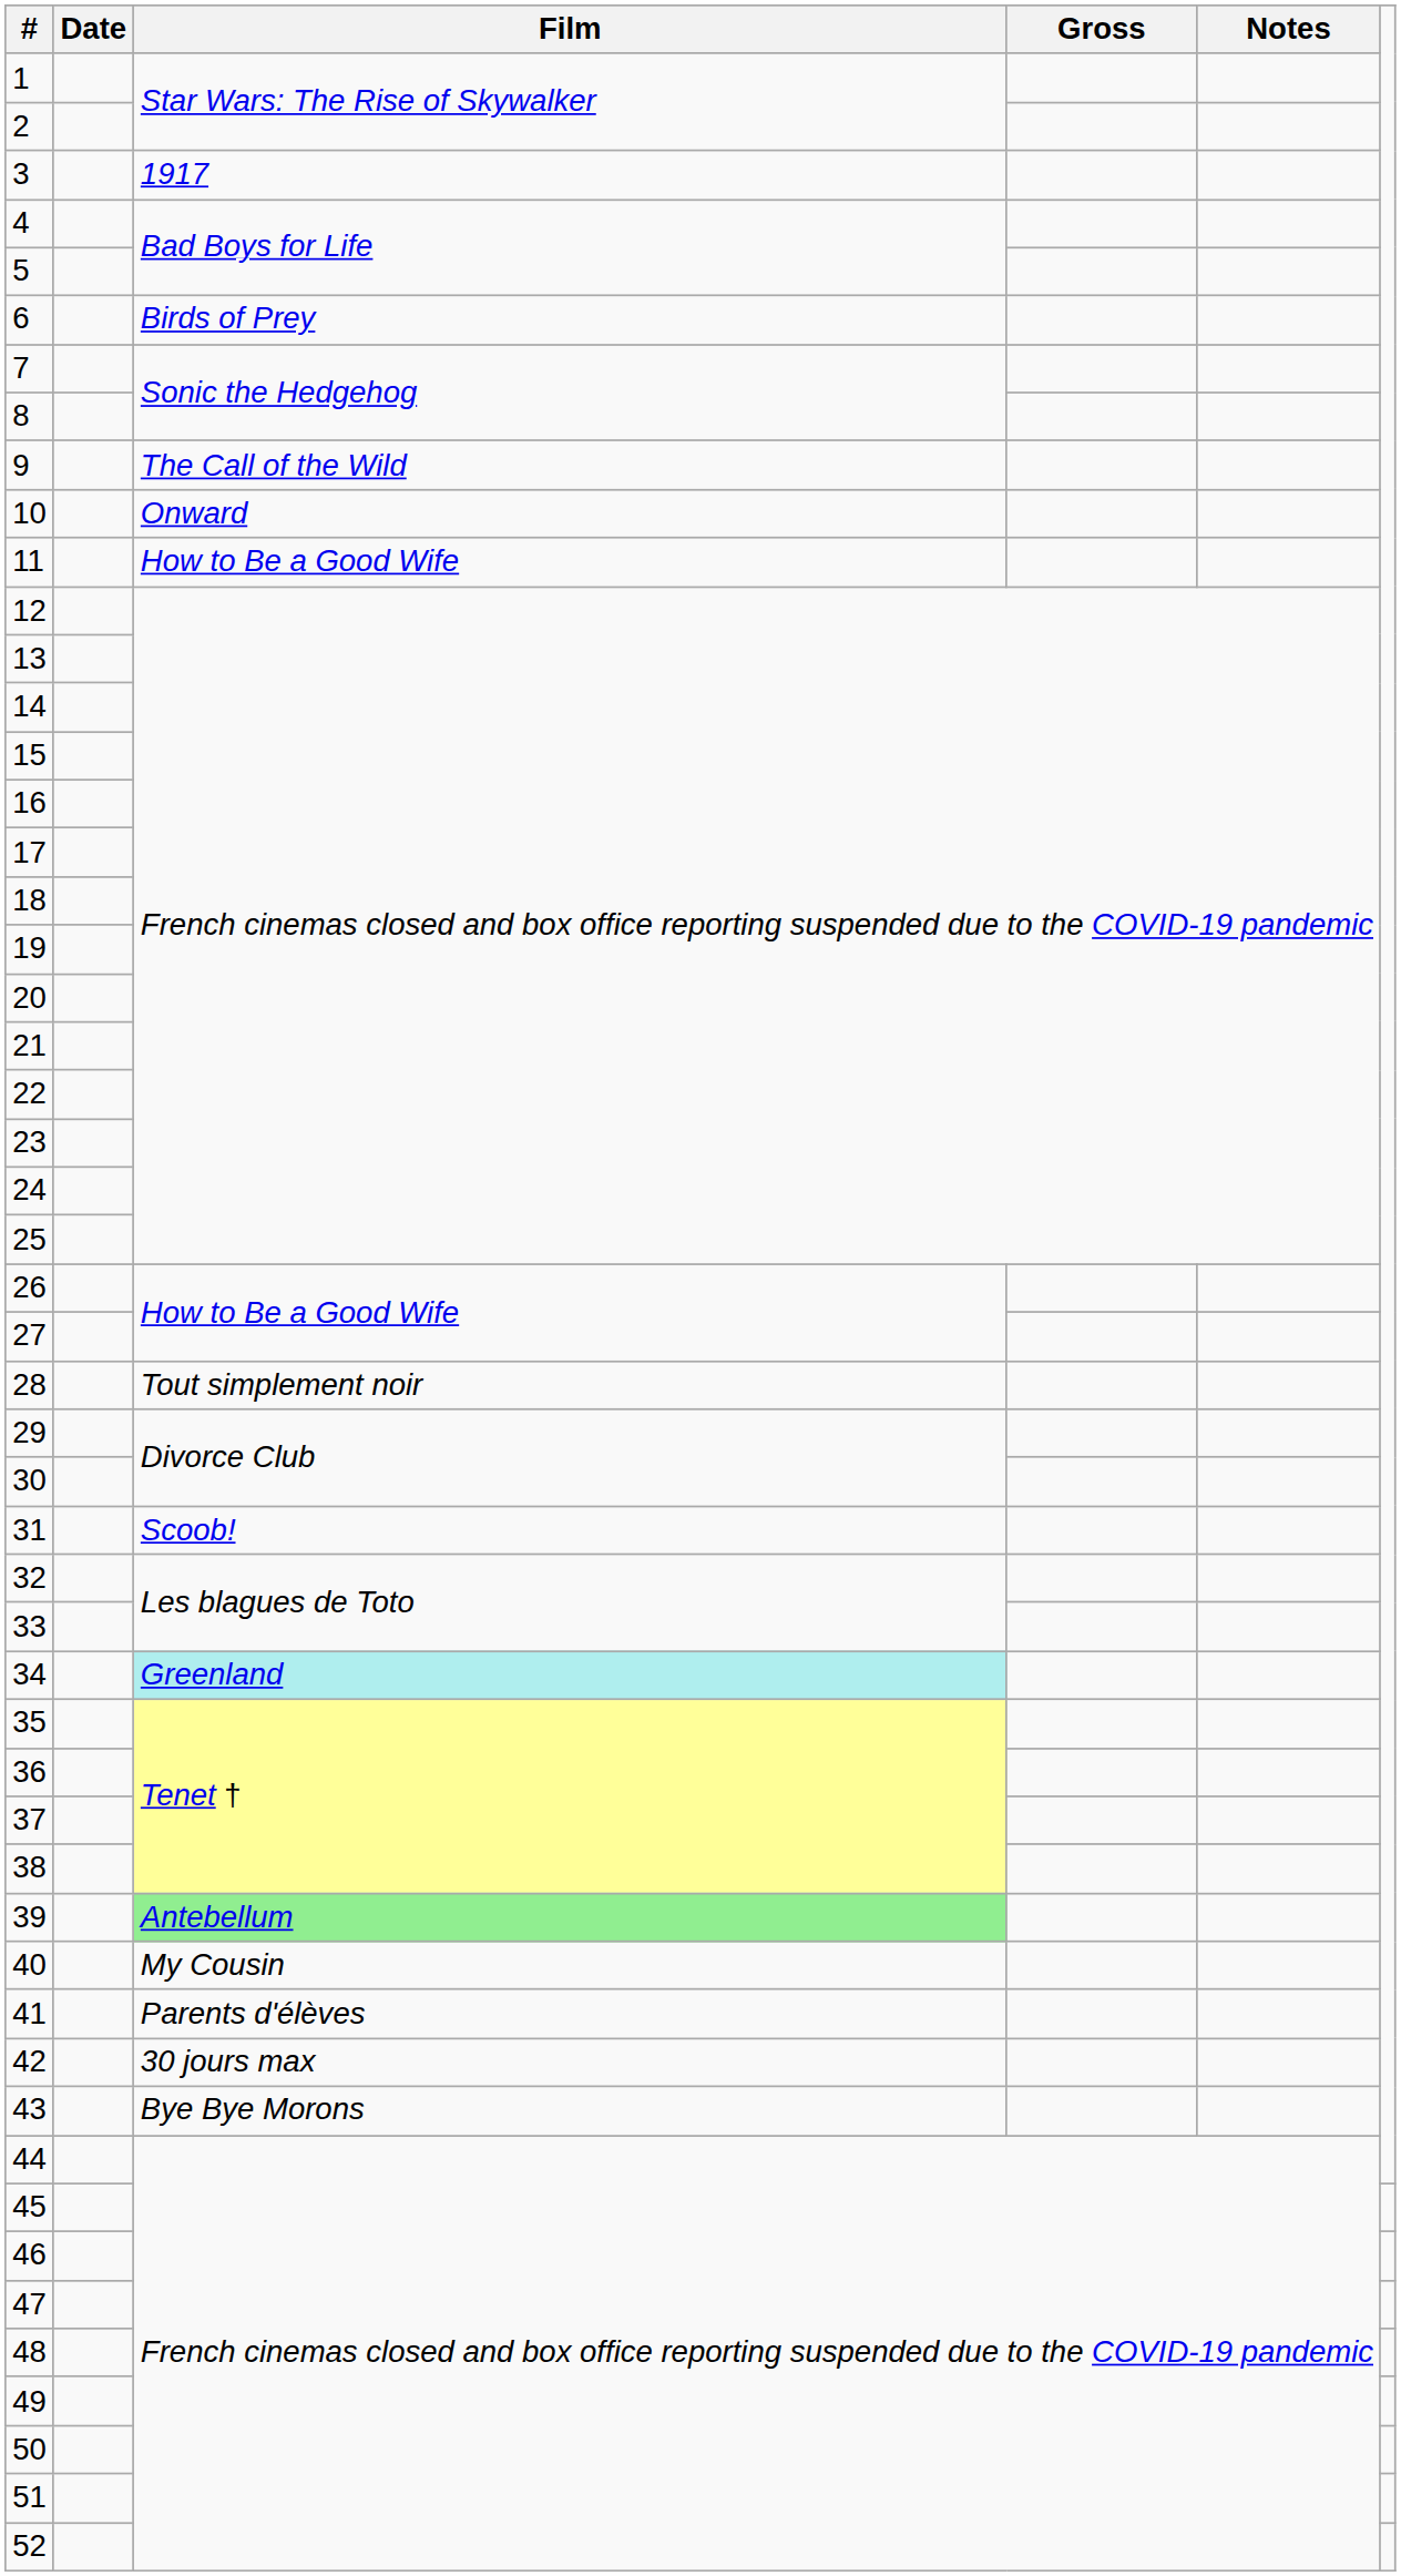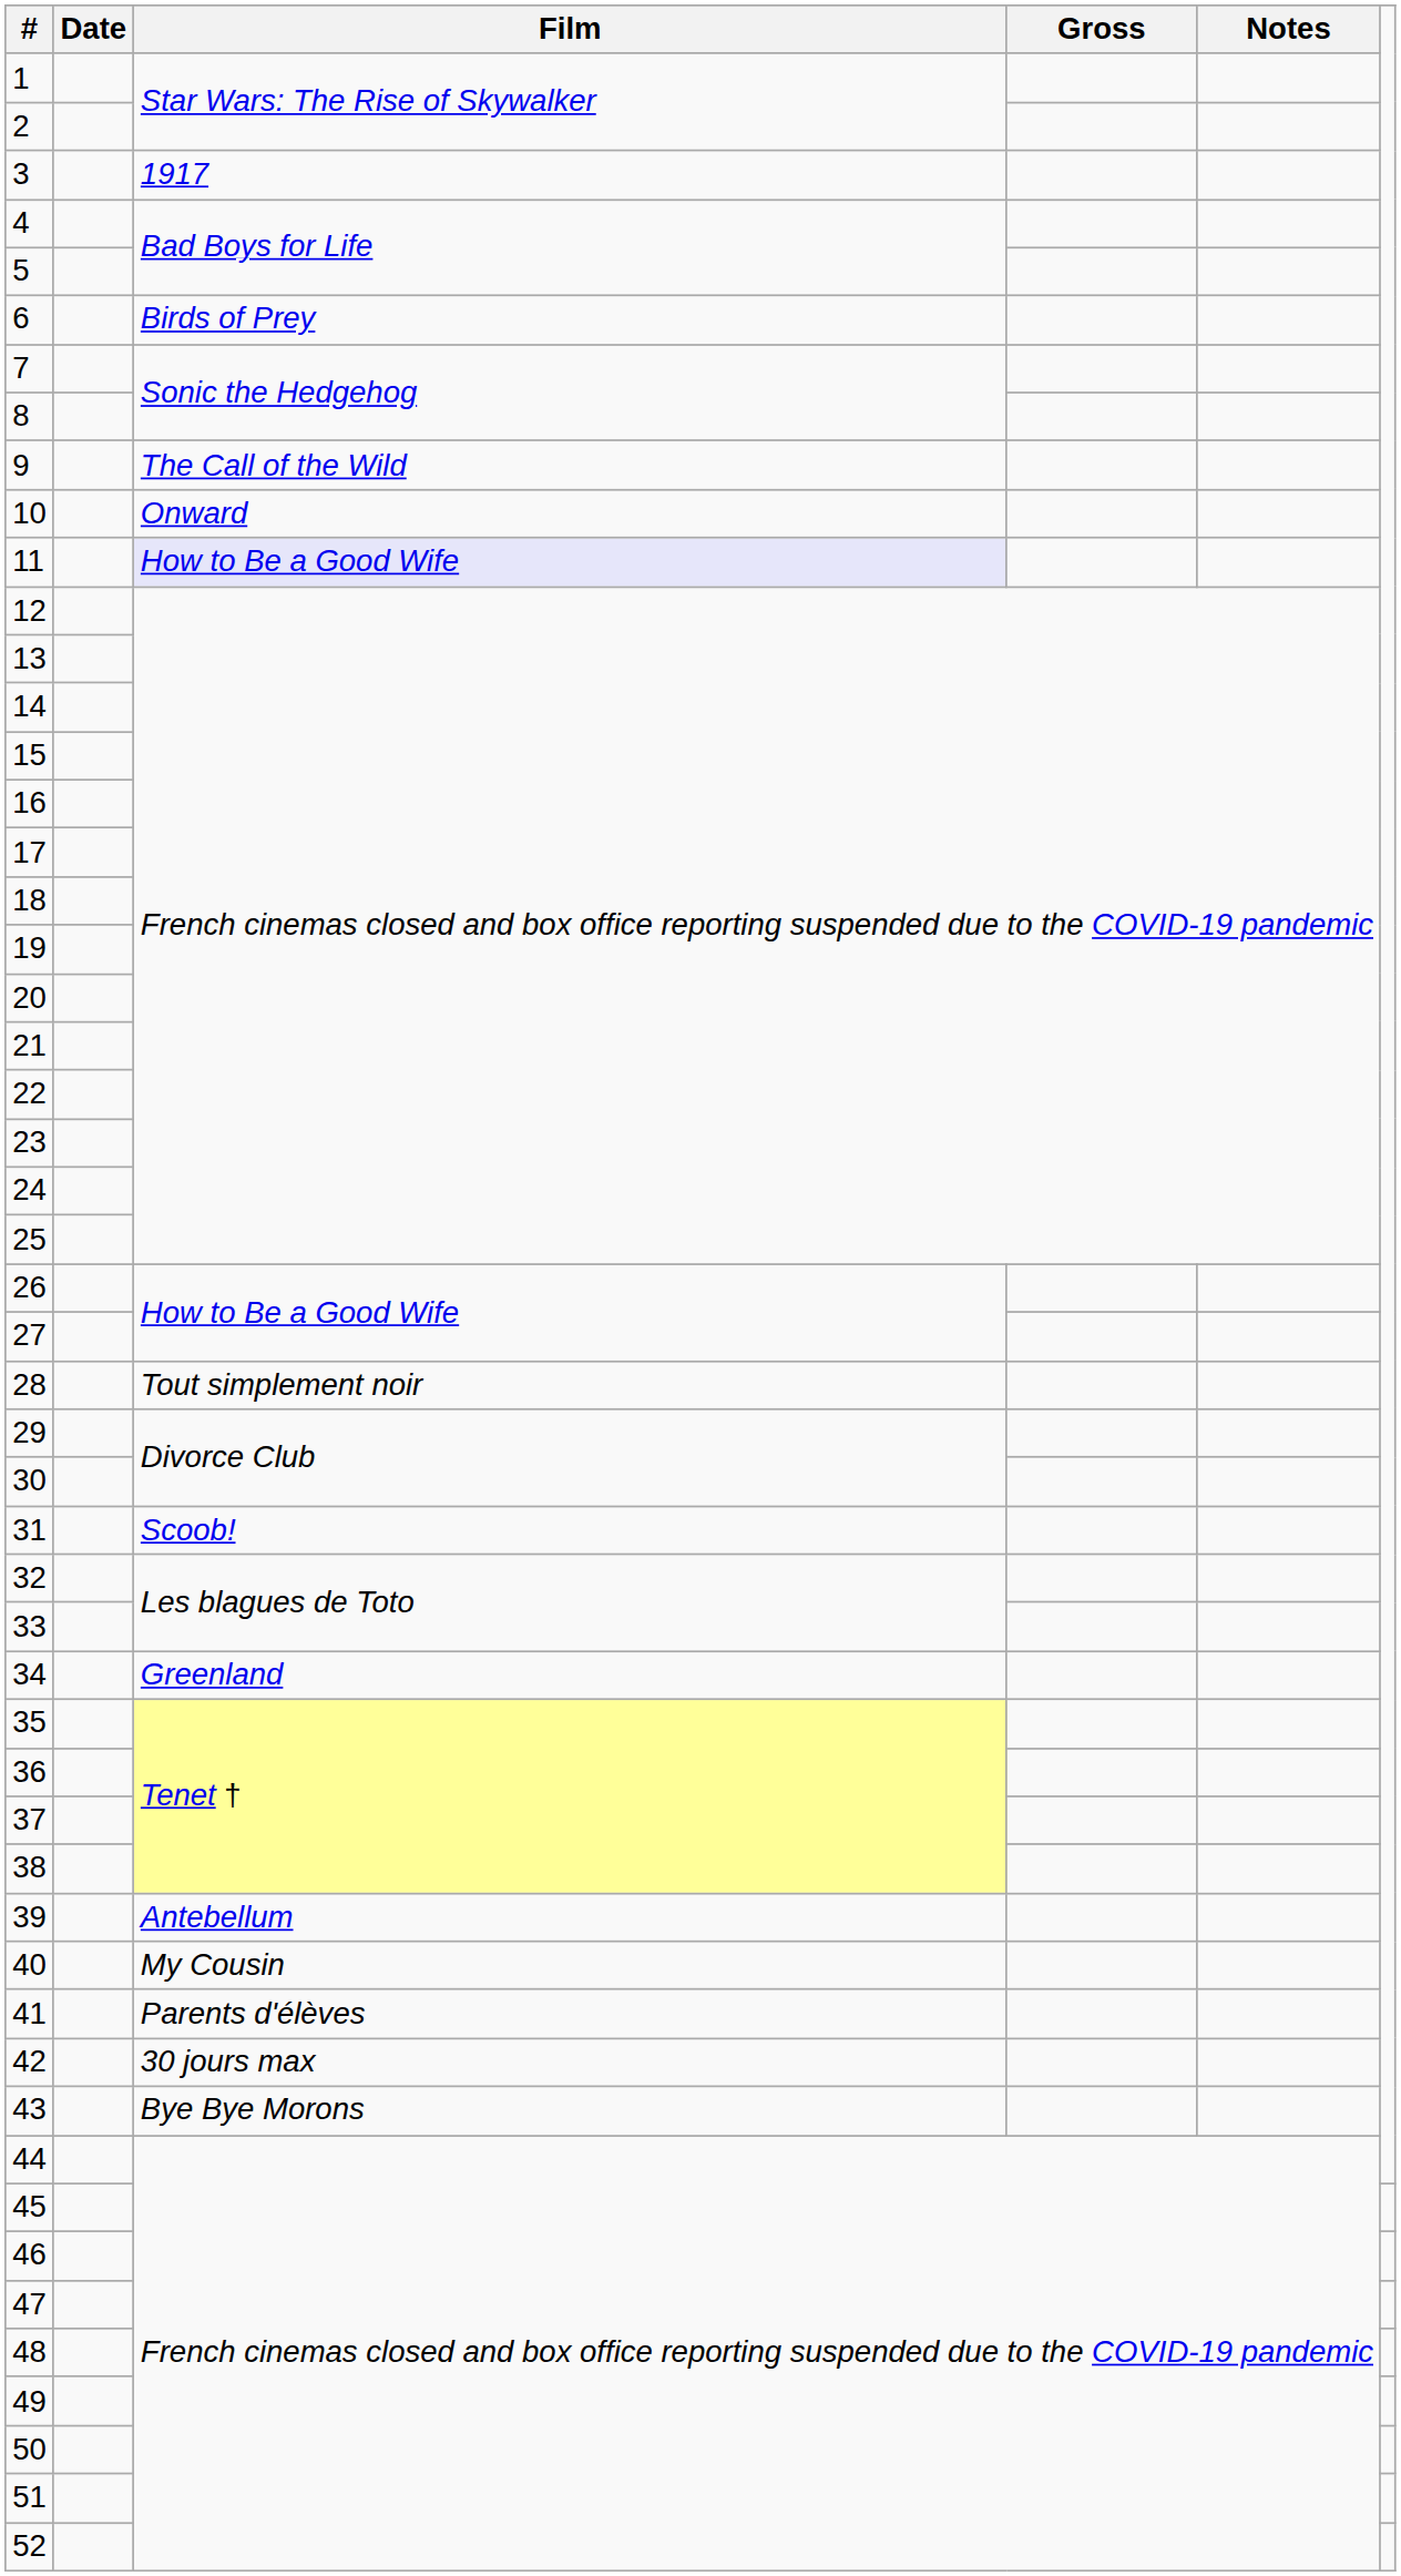 <table class="wikitable sortable">
 <tr>
 <th>#</th>
 <th>Date</th>
 <th>Film</th>
 <th>Gross</th>
 <th>Notes</th>
 </tr>
 <tr>
 <td>1</td>
 <td></td>
 <td rowspan="2"><em><a href='#'>Star Wars: The Rise of Skywalker</a></em></td>
 <td></td>
 <td></td>
 </tr>
 <tr>
 <td>2</td>
 <td></td>
 <td></td>
 <td></td>
 </tr>
 <tr>
 <td>3</td>
 <td></td>
 <td><em><a href='#'>1917</a></em></td>
 <td></td>
 <td></td>
 </tr>
 <tr>
 <td>4</td>
 <td></td>
 <td rowspan="2"><em><a href='#'>Bad Boys for Life</a></em></td>
 <td></td>
 <td></td>
 </tr>
 <tr>
 <td>5</td>
 <td></td>
 <td></td>
 <td></td>
 </tr>
 <tr>
 <td>6</td>
 <td></td>
 <td><em><a href='#'>Birds of Prey</a></em></td>
 <td></td>
 <td></td>
 </tr>
 <tr>
 <td>7</td>
 <td></td>
 <td rowspan="2"><em><a href='#'>Sonic the Hedgehog</a></em></td>
 <td></td>
 <td></td>
 </tr>
 <tr>
 <td>8</td>
 <td></td>
 <td></td>
 <td></td>
 </tr>
 <tr>
 <td>9</td>
 <td></td>
 <td><em><a href='#'>The Call of the Wild</a></em></td>
 <td></td>
 <td></td>
 </tr>
 <tr>
 <td>10</td>
 <td></td>
 <td><em><a href='#'>Onward</a></em></td>
 <td></td>
 <td></td>
 </tr>
 <tr>
 <td>11</td>
 <td></td>
-<td><em><a href='#'>How to Be a Good Wife</a></em></td>
+<td style="background: lavender;"><em><a href='#'>How to Be a Good Wife</a></em></td>
 <td></td>
 <td></td>
 </tr>
 <tr>
 <td>12</td>
 <td></td>
 <td colspan="3" rowspan="14" align="center"><em>French cinemas closed and box office reporting suspended due to the <a href='#'>COVID-19 pandemic</a></em></td>
 </tr>
 <tr>
 <td>13</td>
 <td></td>
 </tr>
 <tr>
 <td>14</td>
 <td></td>
 </tr>
 <tr>
 <td>15</td>
 <td></td>
 </tr>
 <tr>
 <td>16</td>
 <td></td>
 </tr>
 <tr>
 <td>17</td>
 <td></td>
 </tr>
 <tr>
 <td>18</td>
 <td></td>
 </tr>
 <tr>
 <td>19</td>
 <td></td>
 </tr>
 <tr>
 <td>20</td>
 <td></td>
 </tr>
 <tr>
 <td>21</td>
 <td></td>
 </tr>
 <tr>
 <td>22</td>
 <td></td>
 </tr>
 <tr>
 <td>23</td>
 <td></td>
 </tr>
 <tr>
 <td>24</td>
 <td></td>
 </tr>
 <tr>
 <td>25</td>
 <td></td>
 </tr>
 <tr>
 <td>26</td>
 <td></td>
 <td rowspan="2"><em><a href='#'>How to Be a Good Wife</a></em></td>
 <td></td>
 <td></td>
 </tr>
 <tr>
 <td>27</td>
 <td></td>
 <td></td>
 <td></td>
 </tr>
 <tr>
 <td>28</td>
 <td></td>
 <td><em>Tout simplement noir</em></td>
 <td></td>
 <td></td>
 </tr>
 <tr>
 <td>29</td>
 <td></td>
 <td rowspan="2"><em>Divorce Club</em></td>
 <td></td>
 <td></td>
 </tr>
 <tr>
 <td>30</td>
 <td></td>
 <td></td>
 <td></td>
 </tr>
 <tr>
 <td>31</td>
 <td></td>
 <td><em><a href='#'>Scoob!</a></em></td>
 <td></td>
 <td></td>
 </tr>
 <tr>
 <td>32</td>
 <td></td>
 <td rowspan="2"><em>Les blagues de Toto</em></td>
 <td></td>
 <td></td>
 </tr>
 <tr>
 <td>33</td>
 <td></td>
 <td></td>
 <td></td>
 </tr>
 <tr>
 <td>34</td>
 <td></td>
-<td style="background: paleturquoise;"><em><a href='#'>Greenland</a></em></td>
+<td><em><a href='#'>Greenland</a></em></td>
 <td></td>
 <td></td>
 </tr>
 <tr>
 <td>35</td>
 <td></td>
 <td rowspan="4" style="background-color:#FFFF99"><em><a href='#'>Tenet</a></em> †</td>
 <td></td>
 <td></td>
 </tr>
 <tr>
 <td>36</td>
 <td></td>
 <td></td>
 <td></td>
 </tr>
 <tr>
 <td>37</td>
 <td></td>
 <td></td>
 <td></td>
 </tr>
 <tr>
 <td>38</td>
 <td></td>
 <td></td>
 <td></td>
 </tr>
 <tr>
 <td>39</td>
 <td></td>
-<td style="background: lightgreen;"><em><a href='#'>Antebellum</a></em></td>
+<td><em><a href='#'>Antebellum</a></em></td>
 <td></td>
 <td></td>
 </tr>
 <tr>
 <td>40</td>
 <td></td>
 <td><em>My Cousin</em></td>
 <td></td>
 <td></td>
 </tr>
 <tr>
 <td>41</td>
 <td></td>
 <td><em>Parents d'élèves</em></td>
 <td></td>
 <td></td>
 </tr>
 <tr>
 <td>42</td>
 <td></td>
 <td><em>30 jours max</em></td>
 <td></td>
 <td></td>
 </tr>
 <tr>
 <td>43</td>
 <td></td>
 <td><em>Bye Bye Morons</em></td>
 <td></td>
 <td></td>
 </tr>
 <tr>
 <td>44</td>
 <td></td>
 <td colspan="3" rowspan="9" align="center"><em>French cinemas closed and box office reporting suspended due to the <a href='#'>COVID-19 pandemic</a></em></td>
 </tr>
 <tr>
 <td>45</td>
 <td></td>
 <td></td>
 </tr>
 <tr>
 <td>46</td>
 <td></td>
 <td></td>
 </tr>
 <tr>
 <td>47</td>
 <td></td>
 <td></td>
 </tr>
 <tr>
 <td>48</td>
 <td></td>
 <td></td>
 </tr>
 <tr>
 <td>49</td>
 <td></td>
 <td></td>
 </tr>
 <tr>
 <td>50</td>
 <td></td>
 <td></td>
 </tr>
 <tr>
 <td>51</td>
 <td></td>
 <td></td>
 </tr>
 <tr>
 <td>52</td>
 <td></td>
 <td></td>
 </tr>
 </table>
